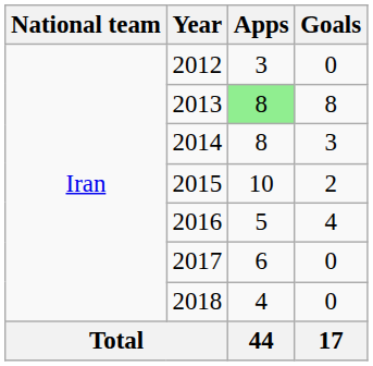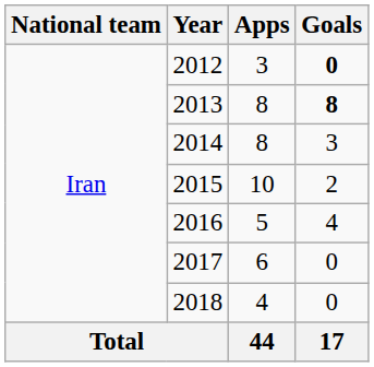 <table class="wikitable" style="text-align:center">
 <tr>
 <th>National team</th>
 <th>Year</th>
 <th>Apps</th>
 <th>Goals</th>
 </tr>
 <tr>
 <td rowspan="7"><a href='#'>Iran</a></td>
 <td>2012</td>
 <td>3</td>
-<td>0</td>
+<td><strong>0</strong></td>
 </tr>
 <tr>
 <td>2013</td>
-<td style="background: lightgreen;">8</td>
 <td>8</td>
+<td><strong>8</strong></td>
 </tr>
 <tr>
 <td>2014</td>
 <td>8</td>
 <td>3</td>
 </tr>
 <tr>
 <td>2015</td>
 <td>10</td>
 <td>2</td>
 </tr>
 <tr>
 <td>2016</td>
 <td>5</td>
 <td>4</td>
 </tr>
 <tr>
 <td>2017</td>
 <td>6</td>
 <td>0</td>
 </tr>
 <tr>
 <td>2018</td>
 <td>4</td>
 <td>0</td>
 </tr>
 <tr>
 <th colspan="2">Total</th>
 <th>44</th>
 <th>17</th>
 </tr>
 </table>
